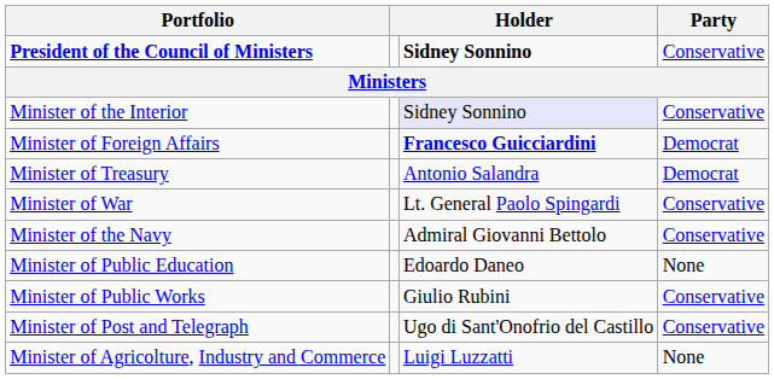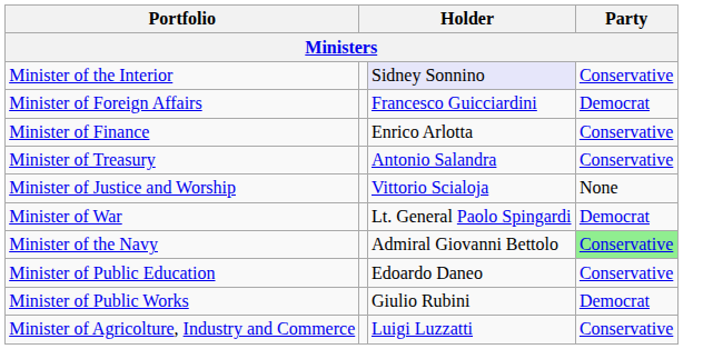 <table class="wikitable">
 <tr>
 <th>Portfolio</th>
 <th colspan=2>Holder</th>
 <th>Party</th>
-</tr>
-<tr>
-<td><strong><a href='#'>President of the Council of Ministers</a></strong></td>
-<td style="background:"></td>
-<td><strong>Sidney Sonnino</strong></td>
-<td><a href='#'>Conservative</a></td>
 </tr>
 <tr>
 <th colspan=4 align=center><a href='#'>Ministers</a></th>
 </tr>
 <tr>
 <td><a href='#'>Minister of the Interior</a></td>
 <td style="background:"></td>
 <td style="background: lavender;">Sidney Sonnino</td>
 <td><a href='#'>Conservative</a></td>
 </tr>
 <tr>
 <td><a href='#'>Minister of Foreign Affairs</a></td>
 <td style="background:"></td>
-<td><strong><a href='#'>Francesco Guicciardini</a></strong></td>
+<td><a href='#'>Francesco Guicciardini</a></td>
 <td><a href='#'>Democrat</a></td>
+</tr>
+<tr>
+<td><a href='#'>Minister of Finance</a></td>
+<td style="background:"></td>
+<td>Enrico Arlotta</td>
+<td><a href='#'>Conservative</a></td>
 </tr>
 <tr>
 <td><a href='#'>Minister of Treasury</a></td>
 <td style="background:"></td>
 <td><a href='#'>Antonio Salandra</a></td>
-<td><a href='#'>Democrat</a></td>
+<td><a href='#'>Conservative</a></td>
+</tr>
+<tr>
+<td><a href='#'>Minister of Justice and Worship</a></td>
+<td style="background:"></td>
+<td><a href='#'>Vittorio Scialoja</a></td>
+<td>None</td>
 </tr>
 <tr>
 <td><a href='#'>Minister of War</a></td>
 <td style="background:"></td>
 <td>Lt. General <a href='#'>Paolo Spingardi</a></td>
-<td><a href='#'>Conservative</a></td>
+<td><a href='#'>Democrat</a></td>
 </tr>
 <tr>
 <td><a href='#'>Minister of the Navy</a></td>
 <td style="background:"></td>
 <td>Admiral Giovanni Bettolo</td>
-<td><a href='#'>Conservative</a></td>
+<td style="background: lightgreen;"><a href='#'>Conservative</a></td>
 </tr>
 <tr>
 <td><a href='#'>Minister of Public Education</a></td>
 <td style="background:"></td>
 <td>Edoardo Daneo</td>
-<td>None</td>
+<td><a href='#'>Conservative</a></td>
 </tr>
 <tr>
 <td><a href='#'>Minister of Public Works</a></td>
 <td style="background:"></td>
 <td>Giulio Rubini</td>
-<td><a href='#'>Conservative</a></td>
-</tr>
-<tr>
-<td><a href='#'>Minister of Post and Telegraph</a></td>
-<td style="background:"></td>
-<td>Ugo di Sant'Onofrio del Castillo</td>
-<td><a href='#'>Conservative</a></td>
+<td><a href='#'>Democrat</a></td>
 </tr>
 <tr>
 <td><a href='#'>Minister of Agricolture</a>, <a href='#'>Industry and Commerce</a></td>
 <td style="background:"></td>
 <td><a href='#'>Luigi Luzzatti</a></td>
-<td>None</td>
+<td><a href='#'>Conservative</a></td>
 </tr>
 </table>
